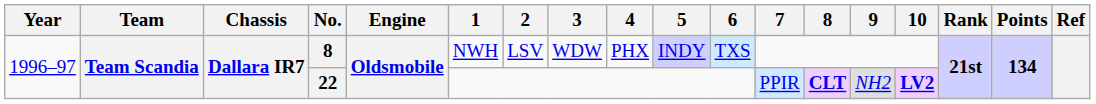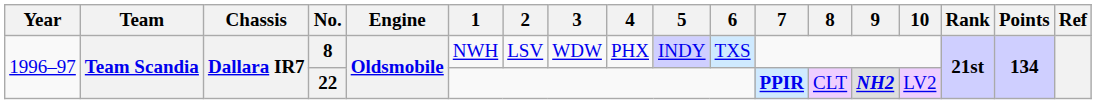 <table class="wikitable" style="text-align:center; font-size:85%">
 <tr>
 <th>Year</th>
 <th>Team</th>
 <th>Chassis</th>
 <th>No.</th>
 <th>Engine</th>
 <th>1</th>
 <th>2</th>
 <th>3</th>
 <th>4</th>
 <th>5</th>
 <th>6</th>
 <th>7</th>
 <th>8</th>
 <th>9</th>
 <th>10</th>
 <th>Rank</th>
 <th>Points</th>
 <th>Ref</th>
 </tr>
 <tr>
 <td rowspan=2 nowrap><a href='#'>1996–97</a></td>
 <th rowspan=2 nowrap><a href='#'>Team Scandia</a></th>
 <th rowspan=2 nowrap><a href='#'>Dallara</a> IR7</th>
 <th>8</th>
 <th rowspan=2><a href='#'>Oldsmobile</a></th>
 <td><a href='#'>NWH</a></td>
 <td><a href='#'>LSV</a></td>
 <td><a href='#'>WDW</a></td>
 <td><a href='#'>PHX</a></td>
 <td style="background:#CFCFFF;"><a href='#'>INDY</a><br></td>
 <td style="background:#CFEAFF;"><a href='#'>TXS</a><br></td>
 <td colspan=4></td>
 <th rowspan=2 style="background:#CFCFFF;"><strong>21st</strong></th>
 <th rowspan=2 style="background:#CFCFFF;"><strong>134</strong></th>
 <th rowspan=2></th>
 </tr>
 <tr>
 <th>22</th>
 <td colspan=6></td>
-<td style="background:#CFEAFF;"><a href='#'>PPIR</a><br></td>
-<td style="background:#EFCFFF;"><strong><a href='#'>CLT</a><br></strong></td>
-<td style="background:#DFDFDF;"><em><a href='#'>NH2</a></em><br></td>
-<td style="background:#EFCFFF;"><strong><a href='#'>LV2</a><br></strong></td>
+<td style="background:#CFEAFF;"><strong><a href='#'>PPIR</a><br></strong></td>
+<td style="background:#EFCFFF;"><a href='#'>CLT</a><br></td>
+<td style="background:#DFDFDF;"><strong><em><a href='#'>NH2</a></em><br></strong></td>
+<td style="background:#EFCFFF;"><a href='#'>LV2</a><br></td>
 </tr>
 </table>
